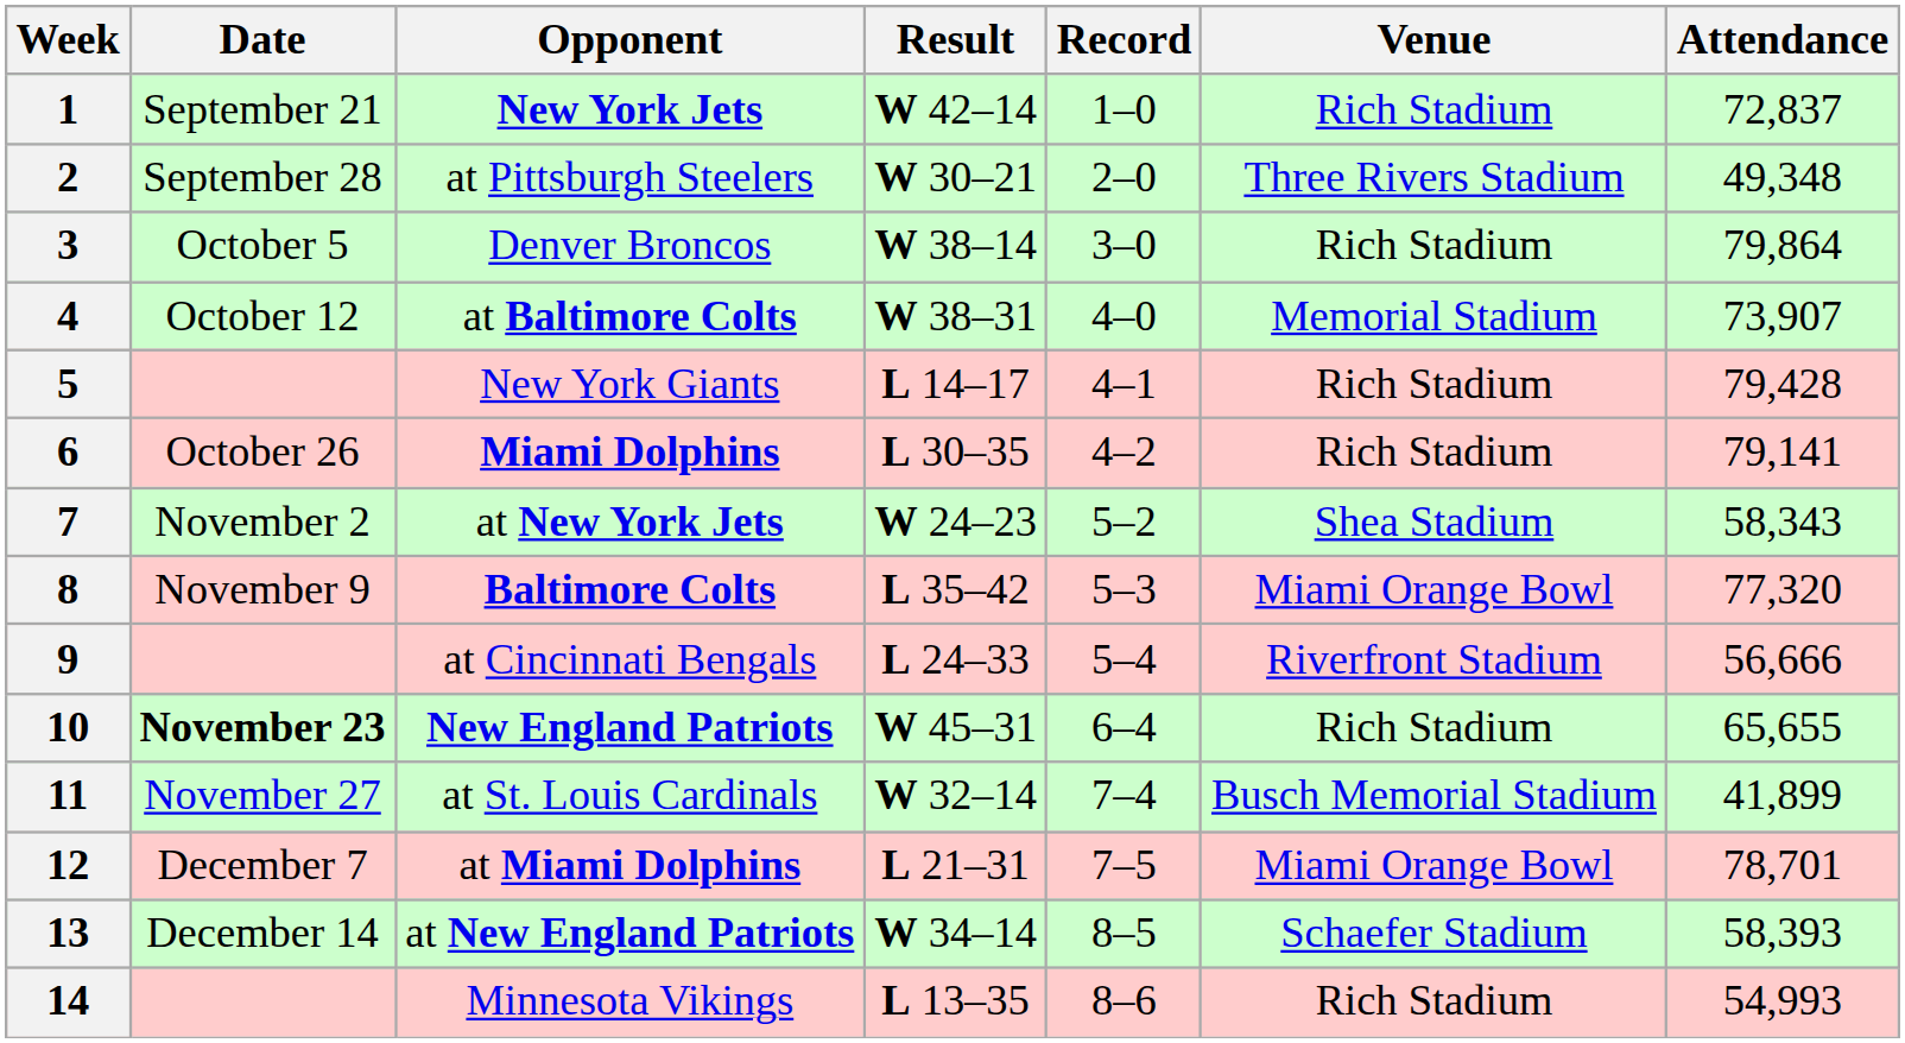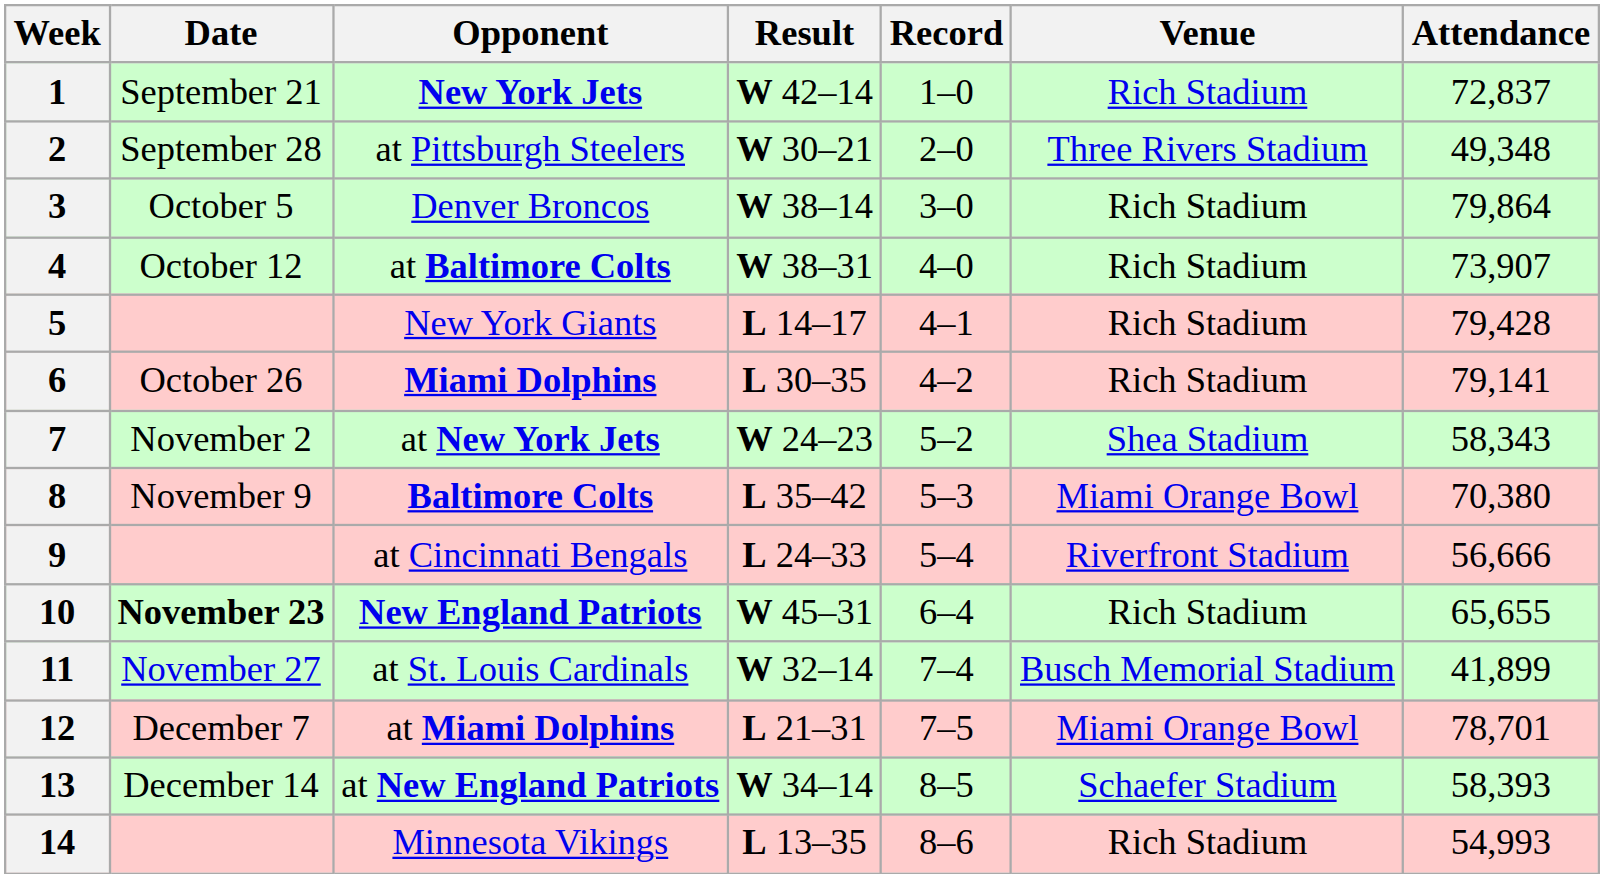 <table class="wikitable" style="text-align:center">
 <tr>
 <th>Week</th>
 <th>Date</th>
 <th>Opponent</th>
 <th>Result</th>
 <th>Record</th>
 <th>Venue</th>
 <th>Attendance</th>
 </tr>
 <tr style="background:#cfc">
 <th>1</th>
 <td>September 21</td>
 <td><strong><a href='#'>New York Jets</a></strong></td>
 <td><strong>W</strong> 42–14</td>
 <td>1–0</td>
 <td><a href='#'>Rich Stadium</a></td>
 <td>72,837</td>
 </tr>
 <tr style="background:#cfc">
 <th>2</th>
 <td>September 28</td>
 <td>at <a href='#'>Pittsburgh Steelers</a></td>
 <td><strong>W</strong> 30–21</td>
 <td>2–0</td>
 <td><a href='#'>Three Rivers Stadium</a></td>
 <td>49,348</td>
 </tr>
 <tr style="background:#cfc">
 <th>3</th>
 <td>October 5</td>
 <td><a href='#'>Denver Broncos</a></td>
 <td><strong>W</strong> 38–14</td>
 <td>3–0</td>
 <td>Rich Stadium</td>
 <td>79,864</td>
 </tr>
 <tr style="background:#cfc">
 <th>4</th>
 <td>October 12</td>
 <td>at <strong><a href='#'>Baltimore Colts</a></strong></td>
 <td><strong>W</strong> 38–31</td>
 <td>4–0</td>
-<td><a href='#'>Memorial Stadium</a></td>
+<td>Rich Stadium</td>
 <td>73,907</td>
 </tr>
 <tr style="background:#fcc">
 <th>5</th>
 <td></td>
 <td><a href='#'>New York Giants</a></td>
 <td><strong>L</strong> 14–17</td>
 <td>4–1</td>
 <td>Rich Stadium</td>
 <td>79,428</td>
 </tr>
 <tr style="background:#fcc">
 <th>6</th>
 <td>October 26</td>
 <td><strong><a href='#'>Miami Dolphins</a></strong></td>
 <td><strong>L</strong> 30–35</td>
 <td>4–2</td>
 <td>Rich Stadium</td>
 <td>79,141</td>
 </tr>
 <tr style="background:#cfc">
 <th>7</th>
 <td>November 2</td>
 <td>at <strong><a href='#'>New York Jets</a></strong></td>
 <td><strong>W</strong> 24–23</td>
 <td>5–2</td>
 <td><a href='#'>Shea Stadium</a></td>
 <td>58,343</td>
 </tr>
 <tr style="background:#fcc">
 <th>8</th>
 <td>November 9</td>
 <td><strong><a href='#'>Baltimore Colts</a></strong></td>
 <td><strong>L</strong> 35–42</td>
 <td>5–3</td>
 <td><a href='#'>Miami Orange Bowl</a></td>
-<td>77,320</td>
+<td>70,380</td>
 </tr>
 <tr style="background:#fcc">
 <th>9</th>
 <td></td>
 <td>at <a href='#'>Cincinnati Bengals</a></td>
 <td><strong>L</strong> 24–33</td>
 <td>5–4</td>
 <td><a href='#'>Riverfront Stadium</a></td>
 <td>56,666</td>
 </tr>
 <tr style="background:#cfc">
 <th>10</th>
 <td><strong>November 23</strong></td>
 <td><strong><a href='#'>New England Patriots</a></strong></td>
 <td><strong>W</strong> 45–31</td>
 <td>6–4</td>
 <td>Rich Stadium</td>
 <td>65,655</td>
 </tr>
 <tr style="background:#cfc">
 <th>11</th>
 <td><a href='#'>November 27</a></td>
 <td>at <a href='#'>St. Louis Cardinals</a></td>
 <td><strong>W</strong> 32–14</td>
 <td>7–4</td>
 <td><a href='#'>Busch Memorial Stadium</a></td>
 <td>41,899</td>
 </tr>
 <tr style="background:#fcc">
 <th>12</th>
 <td>December 7</td>
 <td>at <strong><a href='#'>Miami Dolphins</a></strong></td>
 <td><strong>L</strong> 21–31</td>
 <td>7–5</td>
 <td><a href='#'>Miami Orange Bowl</a></td>
 <td>78,701</td>
 </tr>
 <tr style="background:#cfc">
 <th>13</th>
 <td>December 14</td>
 <td>at <strong><a href='#'>New England Patriots</a></strong></td>
 <td><strong>W</strong> 34–14</td>
 <td>8–5</td>
 <td><a href='#'>Schaefer Stadium</a></td>
 <td>58,393</td>
 </tr>
 <tr style="background:#fcc">
 <th>14</th>
 <td></td>
 <td><a href='#'>Minnesota Vikings</a></td>
 <td><strong>L</strong> 13–35</td>
 <td>8–6</td>
 <td>Rich Stadium</td>
 <td>54,993</td>
 </tr>
 </table>
